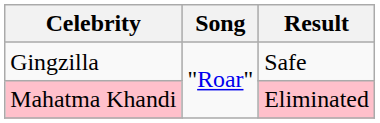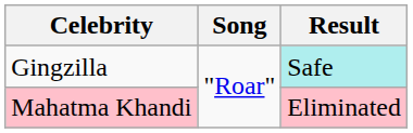 <table class="wikitable sortable collapsed">
 <tr>
 <th>Celebrity</th>
 <th>Song</th>
 <th>Result</th>
 </tr>
 <tr>
 <td>Gingzilla</td>
 <td rowspan=2>"<a href='#'>Roar</a>"</td>
-<td>Safe</td>
+<td style="background: paleturquoise;">Safe</td>
 </tr>
 <tr>
 <td style="background:pink">Mahatma Khandi</td>
 <td style="background:pink">Eliminated</td>
 </tr>
 </table>
